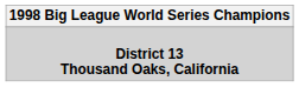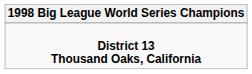 <table class="wikitable" style="text-align: center; margin: 0 auto;">
 <tr>
 <th>1998 Big League World Series Champions</th>
 </tr>
 <tr>
 </tr>
 <tr>
-<td style="background: lightgrey;"><br><strong>District 13</strong><br> <strong>Thousand Oaks, California</strong></td>
+<td><br><strong>District 13</strong><br> <strong>Thousand Oaks, California</strong></td>
 </tr>
 </table>
